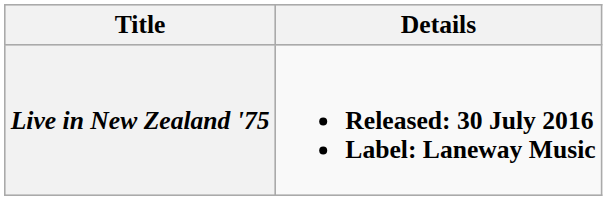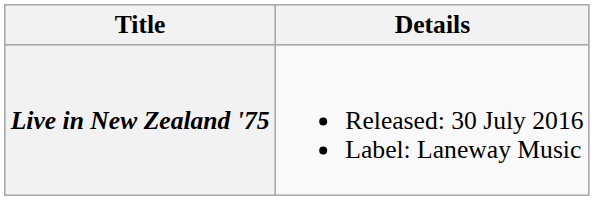 <table class="wikitable plainrowheaders">
 <tr>
 <th scope="col">Title</th>
 <th scope="col">Details</th>
 </tr>
 <tr>
 <th scope="row"><em>Live in New Zealand '75</em></th>
-<td><strong><br><ul><li>Released: 30 July 2016</li><li>Label: Laneway Music</li></ul></strong></td>
+<td><br><ul><li>Released: 30 July 2016</li><li>Label: Laneway Music</li></ul></td>
 </tr>
 </table>
